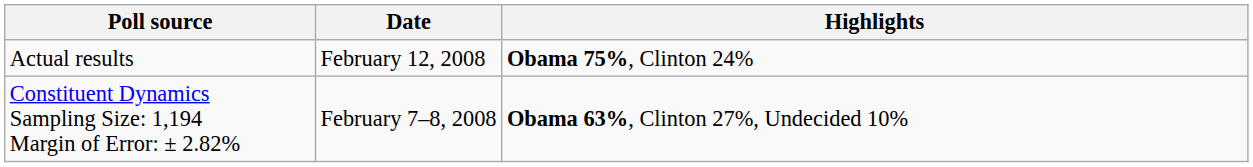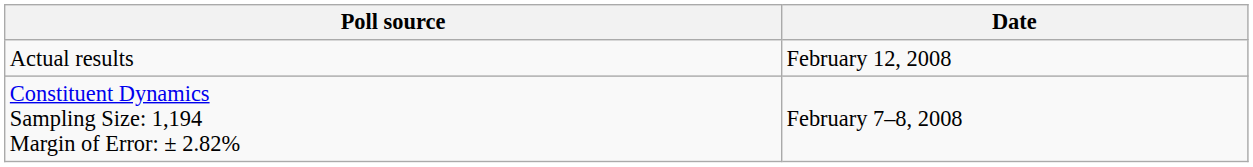 <table class="wikitable sortable">
 <tr>
 <th width="25%">Poll source</th>
 <th width="15%">Date</th>
-<th width="60%">Highlights</th>
 </tr>
 <tr>
 <td>Actual results</td>
 <td>February 12, 2008</td>
-<td><strong>Obama 75%</strong>, Clinton 24%</td>
 </tr>
 <tr>
 <td><a href='#'>Constituent Dynamics</a><br>Sampling Size: 1,194<br> Margin of Error: ± 2.82%</td>
 <td>February 7–8, 2008</td>
-<td><strong>Obama 63%</strong>, Clinton 27%, Undecided 10%</td>
 </tr>
 </table>
